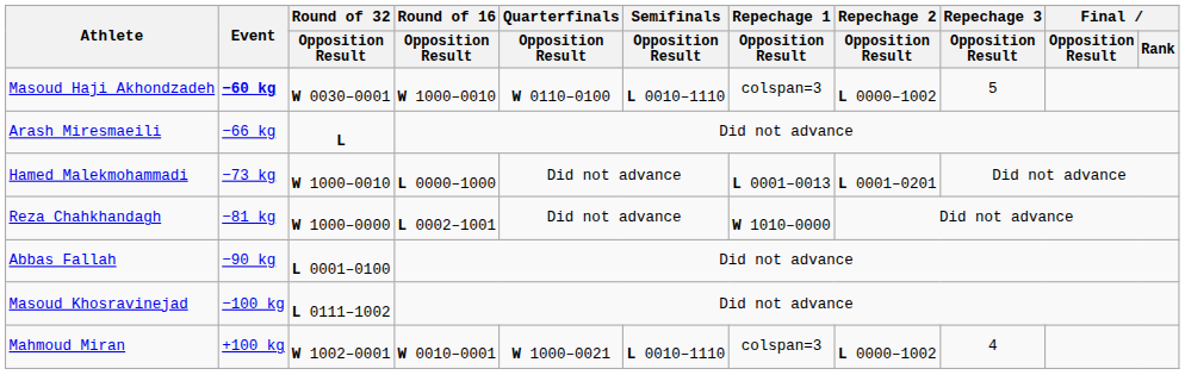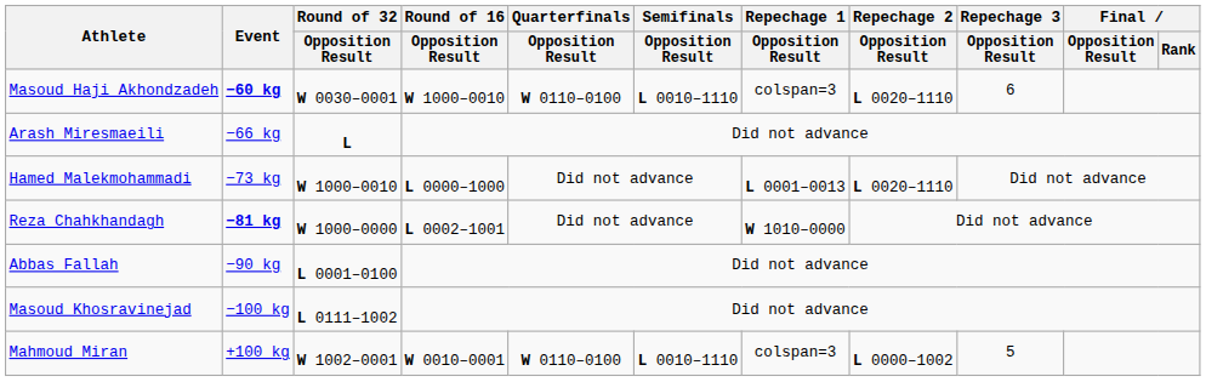 <table class="wikitable" style="font-size:90%">
 <tr>
 <th rowspan="2">Athlete</th>
 <th rowspan="2">Event</th>
 <th>Round of 32</th>
 <th>Round of 16</th>
 <th>Quarterfinals</th>
 <th>Semifinals</th>
 <th>Repechage 1</th>
 <th>Repechage 2</th>
 <th>Repechage 3</th>
 <th colspan=2>Final / </th>
 </tr>
 <tr style="font-size:95%">
 <th>Opposition<br>Result</th>
 <th>Opposition<br>Result</th>
 <th>Opposition<br>Result</th>
 <th>Opposition<br>Result</th>
 <th>Opposition<br>Result</th>
 <th>Opposition<br>Result</th>
 <th>Opposition<br>Result</th>
 <th>Opposition<br>Result</th>
 <th>Rank</th>
 </tr>
 <tr align=center>
 <td align=left><a href='#'>Masoud Haji Akhondzadeh</a></td>
 <td align=left><strong><a href='#'>−60 kg</a></strong></td>
 <td><br><strong>W</strong> 0030–0001</td>
 <td><br><strong>W</strong> 1000–0010</td>
 <td><br><strong>W</strong> 0110–0100</td>
 <td><br><strong>L</strong> 0010–1110</td>
 <td>colspan=3 </td>
-<td><br><strong>L</strong> 0000–1002</td>
-<td>5</td>
+<td><br><strong>L</strong> 0020–1110</td>
+<td>6</td>
 </tr>
 <tr align=center>
 <td align=left><a href='#'>Arash Miresmaeili</a></td>
 <td align=left><a href='#'>−66 kg</a></td>
 <td><br><strong>L</strong> </td>
 <td colspan=8>Did not advance</td>
 </tr>
 <tr align=center>
 <td align=left><a href='#'>Hamed Malekmohammadi</a></td>
 <td align=left><a href='#'>−73 kg</a></td>
 <td><br><strong>W</strong> 1000–0010</td>
 <td><br><strong>L</strong> 0000–1000</td>
 <td colspan=2>Did not advance</td>
 <td><br><strong>L</strong> 0001–0013</td>
-<td><br><strong>L</strong> 0001–0201</td>
+<td><br><strong>L</strong> 0020–1110</td>
 <td colspan=3>Did not advance</td>
 </tr>
 <tr align=center>
 <td align=left><a href='#'>Reza Chahkhandagh</a></td>
-<td align=left><a href='#'>−81 kg</a></td>
+<td align=left><strong><a href='#'>−81 kg</a></strong></td>
 <td><br><strong>W</strong> 1000–0000</td>
 <td><br><strong>L</strong> 0002–1001</td>
 <td colspan=2>Did not advance</td>
 <td><br><strong>W</strong> 1010–0000</td>
 <td colspan=4>Did not advance</td>
 </tr>
 <tr align=center>
 <td align=left><a href='#'>Abbas Fallah</a></td>
 <td align=left><a href='#'>−90 kg</a></td>
 <td><br><strong>L</strong> 0001–0100</td>
 <td colspan=8>Did not advance</td>
 </tr>
 <tr align=center>
 <td align=left><a href='#'>Masoud Khosravinejad</a></td>
 <td align=left><a href='#'>−100 kg</a></td>
 <td><br><strong>L</strong> 0111–1002</td>
 <td colspan=8>Did not advance</td>
 </tr>
 <tr align=center>
 <td align=left><a href='#'>Mahmoud Miran</a></td>
 <td align=left><a href='#'>+100 kg</a></td>
 <td><br><strong>W</strong> 1002–0001</td>
 <td><br><strong>W</strong> 0010–0001</td>
-<td><br><strong>W</strong> 1000–0021</td>
+<td><br><strong>W</strong> 0110–0100</td>
 <td><br><strong>L</strong> 0010–1110</td>
 <td>colspan=3 </td>
 <td><br><strong>L</strong> 0000–1002</td>
-<td>4</td>
+<td>5</td>
 </tr>
 </table>
